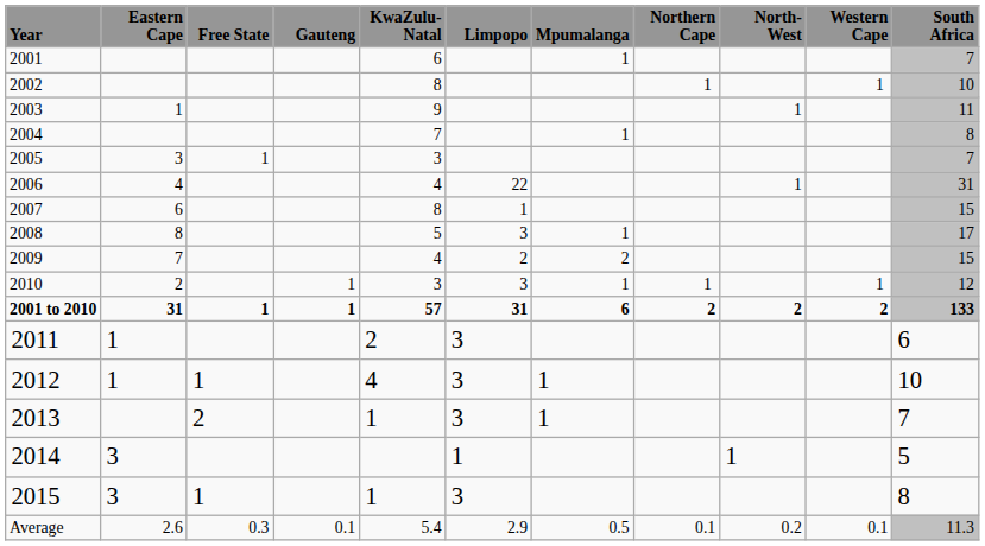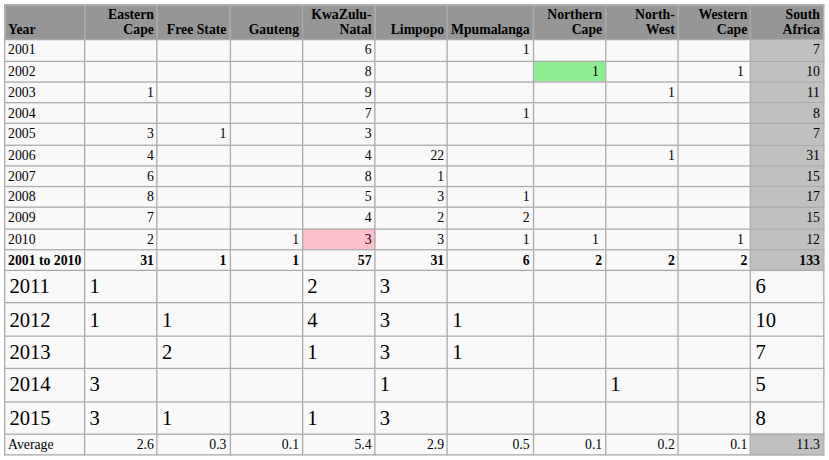 <table class="wikitable" >
 <tr style="background:#969696; font-size:8pt; font-weight:bold; vertical-align:bottom;">
 <td style="height:22px; width:41px; ">Year</td>
 <td style="text-align:right; width:51px; ">Eastern Cape</td>
 <td style="text-align:right; width:51px; ">Free State</td>
 <td style="text-align:right; width:51px; ">Gauteng</td>
 <td style="text-align:right; width:51px; ">KwaZulu-Natal</td>
 <td style="text-align:right; width:51px; ">Limpopo</td>
 <td style="text-align:right; width:51px; ">Mpumalanga</td>
 <td style="text-align:right; width:51px; ">Northern Cape</td>
 <td style="text-align:right; width:51px; ">North-West</td>
 <td style="text-align:right; width:51px; ">Western Cape</td>
 <td style="text-align:right; width:51px; ">South Africa</td>
 </tr>
 <tr style="font-size:8pt; vertical-align:bottom;">
 <td style="height:11px; ">2001</td>
 <td style="text-align:right; "> </td>
 <td style="text-align:right; "> </td>
 <td style="text-align:right; "> </td>
 <td style="text-align:right; ">6</td>
 <td style="text-align:right; "> </td>
 <td style="text-align:right; ">1</td>
 <td style="text-align:right; "> </td>
 <td style="text-align:right; "> </td>
 <td style="text-align:right; "> </td>
 <td style="text-align:right; background:silver; ">7</td>
 </tr>
 <tr style="font-size:8pt; vertical-align:bottom;">
 <td style="height:11px; ">2002</td>
 <td style="text-align:right; "> </td>
 <td style="text-align:right; "> </td>
 <td style="text-align:right; "> </td>
 <td style="text-align:right; ">8</td>
 <td style="text-align:right; "> </td>
 <td style="text-align:right; "> </td>
-<td style="text-align:right; ">1 </td>
+<td style="background: lightgreen; text-align:right; ">1 </td>
 <td style="text-align:right; "> </td>
 <td style="text-align:right; ">1 </td>
 <td style="text-align:right; background:silver; ">10</td>
 </tr>
 <tr style="font-size:8pt; vertical-align:bottom;">
 <td style="height:11px; ">2003</td>
 <td style="text-align:right; ">1</td>
 <td style="text-align:right; "> </td>
 <td style="text-align:right; "> </td>
 <td style="text-align:right; ">9</td>
 <td style="text-align:right; "> </td>
 <td style="text-align:right; "> </td>
 <td style="text-align:right; "> </td>
 <td style="text-align:right; ">1</td>
 <td style="text-align:right; "> </td>
 <td style="text-align:right; background:silver; ">11</td>
 </tr>
 <tr style="font-size:8pt; vertical-align:bottom;">
 <td style="height:11px; ">2004</td>
 <td style="text-align:right; "> </td>
 <td style="text-align:right; "> </td>
 <td style="text-align:right; "> </td>
 <td style="text-align:right; ">7</td>
 <td style="text-align:right; "> </td>
 <td style="text-align:right; ">1</td>
 <td style="text-align:right; "> </td>
 <td style="text-align:right; "> </td>
 <td style="text-align:right; "> </td>
 <td style="text-align:right; background:silver; ">8</td>
 </tr>
 <tr style="font-size:8pt; vertical-align:bottom;">
 <td style="height:11px; ">2005</td>
 <td style="text-align:right; ">3</td>
 <td style="text-align:right; ">1</td>
 <td style="text-align:right; "> </td>
 <td style="text-align:right; ">3</td>
 <td style="text-align:right; "> </td>
 <td style="text-align:right; "> </td>
 <td style="text-align:right; "> </td>
 <td style="text-align:right; "> </td>
 <td style="text-align:right; "> </td>
 <td style="text-align:right; background:silver; ">7</td>
 </tr>
 <tr style="font-size:8pt; vertical-align:bottom;">
 <td style="height:11px; ">2006</td>
 <td style="text-align:right; ">4</td>
 <td style="text-align:right; "> </td>
 <td style="text-align:right; "> </td>
 <td style="text-align:right; ">4</td>
 <td style="text-align:right; ">22</td>
 <td style="text-align:right; "> </td>
 <td style="text-align:right; "> </td>
 <td style="text-align:right; ">1</td>
 <td style="text-align:right; "> </td>
 <td style="text-align:right; background:silver; ">31</td>
 </tr>
 <tr style="font-size:8pt; vertical-align:bottom;">
 <td style="height:11px; ">2007</td>
 <td style="text-align:right; ">6</td>
 <td style="text-align:right; "> </td>
 <td style="text-align:right; "> </td>
 <td style="text-align:right; ">8</td>
 <td style="text-align:right; ">1</td>
 <td style="text-align:right; "> </td>
 <td style="text-align:right; "> </td>
 <td style="text-align:right; "> </td>
 <td style="text-align:right; "> </td>
 <td style="text-align:right; background:silver; ">15</td>
 </tr>
 <tr style="font-size:8pt; vertical-align:bottom;">
 <td style="height:11px; ">2008</td>
 <td style="text-align:right; ">8</td>
 <td style="text-align:right; "> </td>
 <td style="text-align:right; "> </td>
 <td style="text-align:right; ">5</td>
 <td style="text-align:right; ">3</td>
 <td style="text-align:right; ">1</td>
 <td style="text-align:right; "> </td>
 <td style="text-align:right; "> </td>
 <td style="text-align:right; "> </td>
 <td style="text-align:right; background:silver; ">17</td>
 </tr>
 <tr style="font-size:8pt; vertical-align:bottom;">
 <td style="height:11px; ">2009</td>
 <td style="text-align:right; ">7</td>
 <td style="text-align:right; "> </td>
 <td style="text-align:right; "> </td>
 <td style="text-align:right; ">4</td>
 <td style="text-align:right; ">2</td>
 <td style="text-align:right; ">2</td>
 <td style="text-align:right; "> </td>
 <td style="text-align:right; "> </td>
 <td style="text-align:right; "> </td>
 <td style="text-align:right; background:silver; ">15</td>
 </tr>
 <tr style="font-size:8pt; vertical-align:bottom;">
 <td style="height:11px; ">2010</td>
 <td style="text-align:right; ">2</td>
 <td style="text-align:right; "> </td>
 <td style="text-align:right; ">1</td>
-<td style="text-align:right; ">3</td>
+<td style="background: pink; text-align:right; ">3</td>
 <td style="text-align:right; ">3</td>
 <td style="text-align:right; ">1</td>
 <td style="text-align:right; ">1 </td>
 <td style="text-align:right; "> </td>
 <td style="text-align:right; ">1 </td>
 <td style="text-align:right; background:silver; ">12</td>
 </tr>
 <tr style="font-size:8pt; font-weight:bold; vertical-align:bottom;">
 <td style="height:11px; ">2001 to 2010</td>
 <td style="text-align:right; ">31</td>
 <td style="text-align:right; ">1</td>
 <td style="text-align:right; ">1</td>
 <td style="text-align:right; ">57</td>
 <td style="text-align:right; ">31</td>
 <td style="text-align:right; ">6</td>
 <td style="text-align:right; ">2</td>
 <td style="text-align:right; ">2</td>
 <td style="text-align:right; ">2</td>
 <td style="text-align:right; background:silver; ">133</td>
 </tr>
 <tr>
 <td>2011</td>
 <td>1</td>
 <td></td>
 <td></td>
 <td>2</td>
 <td>3</td>
 <td></td>
 <td></td>
 <td></td>
 <td></td>
 <td>6</td>
 </tr>
 <tr>
 <td>2012</td>
 <td>1</td>
 <td>1</td>
 <td></td>
 <td>4</td>
 <td>3</td>
 <td>1</td>
 <td></td>
 <td></td>
 <td></td>
 <td>10</td>
 </tr>
 <tr>
 <td>2013</td>
 <td></td>
 <td>2</td>
 <td></td>
 <td>1</td>
 <td>3</td>
 <td>1</td>
 <td></td>
 <td></td>
 <td></td>
 <td>7</td>
 </tr>
 <tr>
 <td>2014</td>
 <td>3</td>
 <td></td>
 <td></td>
 <td></td>
 <td>1</td>
 <td></td>
 <td></td>
 <td>1</td>
 <td></td>
 <td>5</td>
 </tr>
 <tr>
 <td>2015</td>
 <td>3</td>
 <td>1</td>
 <td></td>
 <td>1</td>
 <td>3</td>
 <td></td>
 <td></td>
 <td></td>
 <td></td>
 <td>8</td>
 </tr>
 <tr style="font-size:8pt; vertical-align:bottom;">
 <td style="height:11px; ">Average</td>
 <td style="text-align:right; ">2.6</td>
 <td style="text-align:right; ">0.3</td>
 <td style="text-align:right; ">0.1</td>
 <td style="text-align:right; ">5.4</td>
 <td style="text-align:right; ">2.9</td>
 <td style="text-align:right; ">0.5</td>
 <td style="text-align:right; ">0.1</td>
 <td style="text-align:right; ">0.2</td>
 <td style="text-align:right; ">0.1</td>
 <td style="text-align:right; background:silver; ">11.3</td>
 </tr>
 </table>
